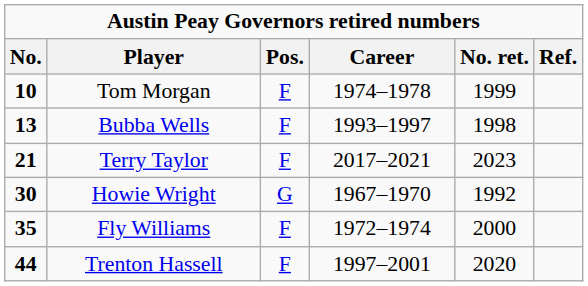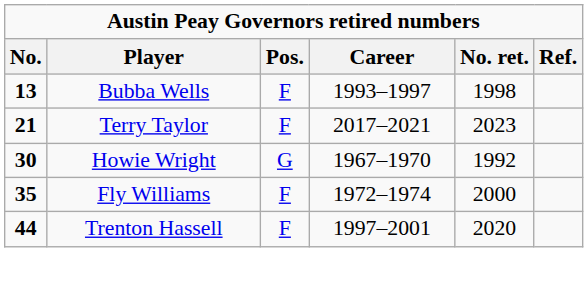 <table class="wikitable sortable" style="text-align:center">
 <tr>
 <td colspan=6><strong>Austin Peay Governors retired numbers</strong></td>
 </tr>
 <tr>
 <th width=px>No.</th>
 <th width=150px>Player</th>
 <th width=px>Pos.</th>
 <th width=100px>Career</th>
 <th width=px>No. ret.</th>
 <th width=px>Ref.</th>
-</tr>
-<tr>
-<td><strong>10</strong></td>
-<td>Tom Morgan</td>
-<td><a href='#'>F</a></td>
-<td>1974–1978</td>
-<td>1999</td>
-<td></td>
 </tr>
 <tr>
 <td><strong>13</strong></td>
 <td><a href='#'>Bubba Wells</a></td>
 <td><a href='#'>F</a></td>
 <td>1993–1997</td>
 <td>1998</td>
 <td></td>
 </tr>
 <tr>
 <td><strong>21</strong></td>
 <td><a href='#'>Terry Taylor</a></td>
 <td><a href='#'>F</a></td>
 <td>2017–2021</td>
 <td>2023</td>
 <td></td>
 </tr>
 <tr>
 <td><strong>30</strong></td>
 <td><a href='#'>Howie Wright</a></td>
 <td><a href='#'>G</a></td>
 <td>1967–1970</td>
 <td>1992</td>
 <td></td>
 </tr>
 <tr>
 <td><strong>35</strong></td>
 <td><a href='#'>Fly Williams</a></td>
 <td><a href='#'>F</a></td>
 <td>1972–1974</td>
 <td>2000</td>
 <td></td>
 </tr>
 <tr>
 <td><strong>44</strong></td>
 <td><a href='#'>Trenton Hassell</a></td>
 <td><a href='#'>F</a></td>
 <td>1997–2001</td>
 <td>2020</td>
 <td></td>
 </tr>
 </table>
